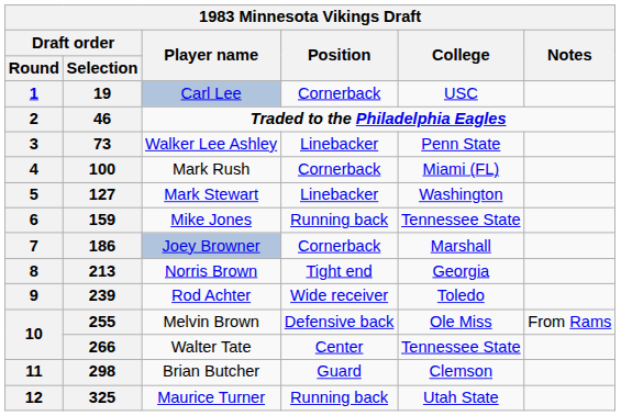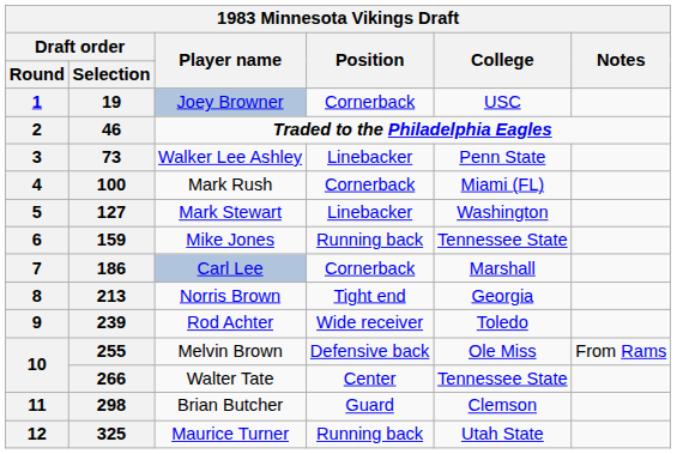 <table class="wikitable" style="text-align:center">
 <tr>
 <th colspan="6">1983 Minnesota Vikings Draft</th>
 </tr>
 <tr>
 <th colspan="2">Draft order</th>
 <th rowspan="2">Player name</th>
 <th rowspan="2">Position</th>
 <th rowspan="2">College</th>
 <th rowspan="2">Notes</th>
 </tr>
 <tr>
 <th>Round</th>
 <th>Selection</th>
 </tr>
 <tr>
 <th><a href='#'>1</a></th>
 <th>19</th>
-<td bgcolor=lightsteelblue><a href='#'>Carl Lee</a></td>
+<td bgcolor=lightsteelblue><a href='#'>Joey Browner</a></td>
 <td><a href='#'>Cornerback</a></td>
 <td><a href='#'>USC</a></td>
 <td></td>
 </tr>
 <tr>
 <th>2</th>
 <th>46</th>
 <td colspan="4"><strong><em>Traded to the <a href='#'>Philadelphia Eagles</a></em></strong></td>
 </tr>
 <tr>
 <th>3</th>
 <th>73</th>
 <td><a href='#'>Walker Lee Ashley</a></td>
 <td><a href='#'>Linebacker</a></td>
 <td><a href='#'>Penn State</a></td>
 <td></td>
 </tr>
 <tr>
 <th>4</th>
 <th>100</th>
 <td>Mark Rush</td>
 <td><a href='#'>Cornerback</a></td>
 <td><a href='#'>Miami (FL)</a></td>
 <td></td>
 </tr>
 <tr>
 <th>5</th>
 <th>127</th>
 <td><a href='#'>Mark Stewart</a></td>
 <td><a href='#'>Linebacker</a></td>
 <td><a href='#'>Washington</a></td>
 <td></td>
 </tr>
 <tr>
 <th>6</th>
 <th>159</th>
 <td><a href='#'>Mike Jones</a></td>
 <td><a href='#'>Running back</a></td>
 <td><a href='#'>Tennessee State</a></td>
 <td></td>
 </tr>
 <tr>
 <th>7</th>
 <th>186</th>
-<td bgcolor=lightsteelblue><a href='#'>Joey Browner</a></td>
+<td bgcolor=lightsteelblue><a href='#'>Carl Lee</a></td>
 <td><a href='#'>Cornerback</a></td>
 <td><a href='#'>Marshall</a></td>
 <td></td>
 </tr>
 <tr>
 <th>8</th>
 <th>213</th>
 <td><a href='#'>Norris Brown</a></td>
 <td><a href='#'>Tight end</a></td>
 <td><a href='#'>Georgia</a></td>
 <td></td>
 </tr>
 <tr>
 <th>9</th>
 <th>239</th>
 <td><a href='#'>Rod Achter</a></td>
 <td><a href='#'>Wide receiver</a></td>
 <td><a href='#'>Toledo</a></td>
 <td></td>
 </tr>
 <tr>
 <th rowspan="2">10</th>
 <th>255</th>
 <td>Melvin Brown</td>
 <td><a href='#'>Defensive back</a></td>
 <td><a href='#'>Ole Miss</a></td>
 <td>From <a href='#'>Rams</a></td>
 </tr>
 <tr>
 <th>266</th>
 <td>Walter Tate</td>
 <td><a href='#'>Center</a></td>
 <td><a href='#'>Tennessee State</a></td>
 <td></td>
 </tr>
 <tr>
 <th>11</th>
 <th>298</th>
 <td>Brian Butcher</td>
 <td><a href='#'>Guard</a></td>
 <td><a href='#'>Clemson</a></td>
 <td></td>
 </tr>
 <tr>
 <th>12</th>
 <th>325</th>
 <td><a href='#'>Maurice Turner</a></td>
 <td><a href='#'>Running back</a></td>
 <td><a href='#'>Utah State</a></td>
 <td></td>
 </tr>
 </table>
